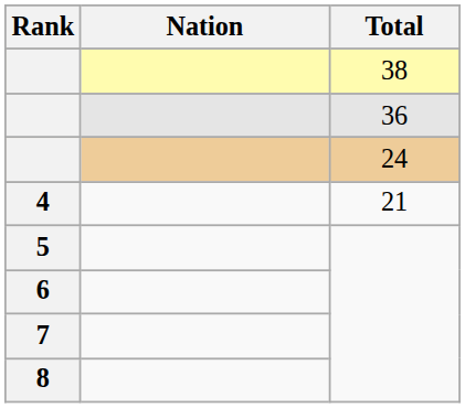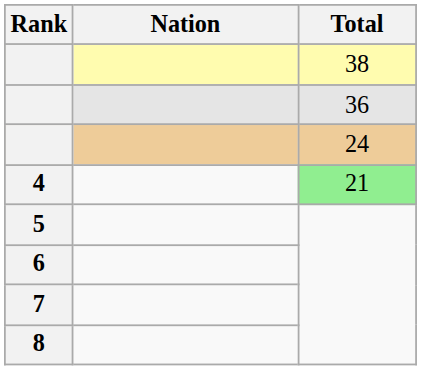 <table class="wikitable sortable" style="text-align:center; font-size:85%">
 <tr>
 <th scope="col" style="width:25px;">Rank</th>
 <th ! scope="col" style="width:120px;">Nation</th>
 <th ! scope="col" style="width:60px;">Total</th>
 </tr>
 <tr bgcolor=fffcaf>
 <th scope=row></th>
 <td align=left></td>
 <td>38</td>
 </tr>
 <tr bgcolor=e5e5e5>
 <th scope=row></th>
 <td align=left></td>
 <td>36</td>
 </tr>
 <tr bgcolor=eecc99>
 <th scope=row></th>
 <td align=left></td>
 <td>24</td>
 </tr>
 <tr>
 <th scope=row>4</th>
 <td align=left></td>
-<td>21</td>
+<td style="background: lightgreen;">21</td>
 </tr>
 <tr>
 <th scope=row>5</th>
 <td align=left></td>
 <td rowspan=4></td>
 </tr>
 <tr>
 <th scope=row>6</th>
 <td align=left></td>
 </tr>
 <tr>
 <th scope=row>7</th>
 <td align=left></td>
 </tr>
 <tr>
 <th scope=row>8</th>
 <td align=left></td>
 </tr>
 </table>
